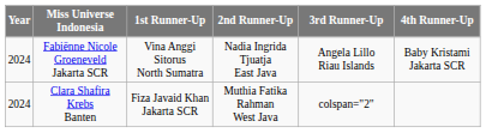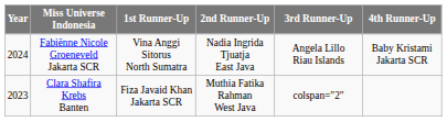 <table class="wikitable " style="font-size: 90%; text-align:center;">
 <tr>
 <th width="30" style="background-color:#787878;color:#FFFFFF;">Year</th>
 <th width="220" style="background-color:#787878;color:#FFFFFF;">Miss Universe Indonesia</th>
 <th width="220" style="background-color:#787878;color:#FFFFFF;">1st Runner-Up</th>
 <th width="220" style="background-color:#787878;color:#FFFFFF;">2nd Runner-Up</th>
 <th width="220" style="background-color:#787878;color:#FFFFFF;">3rd Runner-Up</th>
 <th width="220" style="background-color:#787878;color:#FFFFFF;">4th Runner-Up</th>
 </tr>
 <tr>
 <td>2024</td>
 <td><a href='#'>Fabiënne Nicole Groeneveld</a><br>Jakarta SCR</td>
 <td>Vina Anggi Sitorus<br>North Sumatra</td>
 <td>Nadia Ingrida Tjuatja<br>East Java</td>
 <td>Angela Lillo<br>Riau Islands</td>
 <td>Baby Kristami<br>Jakarta SCR</td>
 </tr>
 <tr>
-<td>2024</td>
+<td>2023</td>
 <td><a href='#'>Clara Shafira Krebs</a><br>Banten</td>
 <td>Fiza Javaid Khan<br>Jakarta SCR</td>
 <td>Muthia Fatika Rahman<br>West Java</td>
 <td>colspan="2" </td>
 </tr>
 </table>
